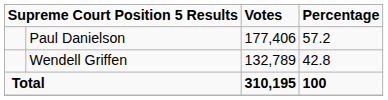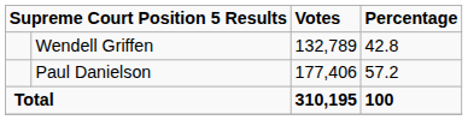 <table class="wikitable">
 <tr>
 <td colspan="2" rowspan="1" align="center" valign="top"><strong>Supreme Court Position 5 Results</strong></td>
 <td style="vertical-align:top;"><strong>Votes</strong><br></td>
 <td style="vertical-align:top;"><strong>Percentage</strong><br></td>
 </tr>
 <tr>
 <td style="background-color:"> </td>
+<td>Wendell Griffen</td>
+<td>132,789</td>
+<td>42.8</td>
+</tr>
+<tr>
+<td style="background-color:"> </td>
 <td>Paul Danielson</td>
 <td>177,406</td>
 <td>57.2</td>
-</tr>
-<tr>
-<td style="background-color:"> </td>
-<td>Wendell Griffen</td>
-<td>132,789</td>
-<td>42.8</td>
 </tr>
 <tr>
 <td colspan="2" rowspan="1"> <strong>Total</strong><br></td>
 <td><strong>310,195</strong></td>
 <td><strong>100</strong></td>
 </tr>
 <tr>
 </tr>
 </table>
